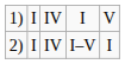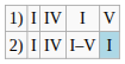 <table class="wikitable" style="text-align:center;">
 <tr>
 <td>1)</td>
 <td>I</td>
 <td>IV</td>
 <td>I</td>
 <td>V</td>
 </tr>
 <tr>
 <td>2)</td>
 <td>I</td>
 <td>IV</td>
 <td>I–V</td>
-<td>I</td>
+<td style="background: lightblue;">I</td>
 </tr>
 </table>
